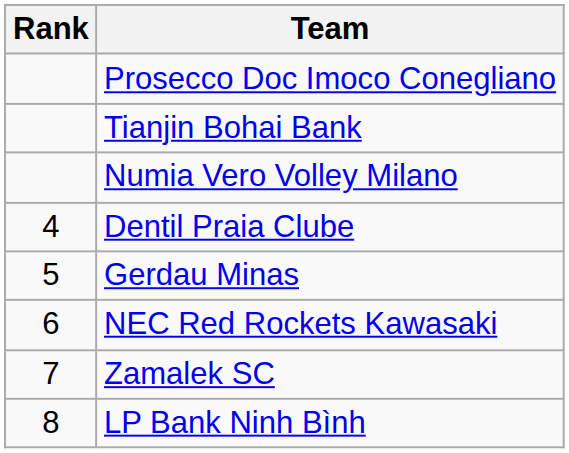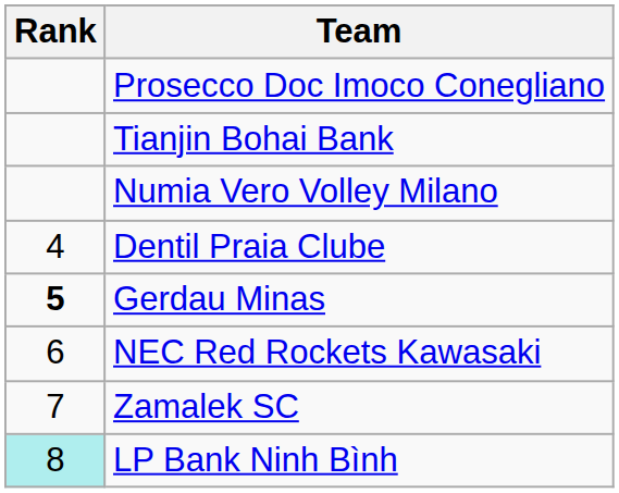 <table class="wikitable" style="text-align:center;">
 <tr>
 <th width=40>Rank</th>
 <th>Team</th>
 </tr>
 <tr>
 <td></td>
 <td style="text-align:left;"> <a href='#'>Prosecco Doc Imoco Conegliano</a></td>
 </tr>
 <tr>
 <td></td>
 <td style="text-align:left;"> <a href='#'>Tianjin Bohai Bank</a></td>
 </tr>
 <tr>
 <td></td>
 <td style="text-align:left;"> <a href='#'>Numia Vero Volley Milano</a></td>
 </tr>
 <tr>
 <td>4</td>
 <td style="text-align:left;"> <a href='#'>Dentil Praia Clube</a></td>
 </tr>
 <tr>
-<td>5</td>
+<td><strong>5</strong></td>
 <td style="text-align:left;"> <a href='#'>Gerdau Minas</a></td>
 </tr>
 <tr>
 <td>6</td>
 <td style="text-align:left;"> <a href='#'>NEC Red Rockets Kawasaki</a></td>
 </tr>
 <tr>
 <td>7</td>
 <td style="text-align:left;"> <a href='#'>Zamalek SC</a></td>
 </tr>
 <tr>
-<td>8</td>
+<td style="background: paleturquoise;">8</td>
 <td style="text-align:left;"> <a href='#'>LP Bank Ninh Bình</a></td>
 </tr>
 </table>
